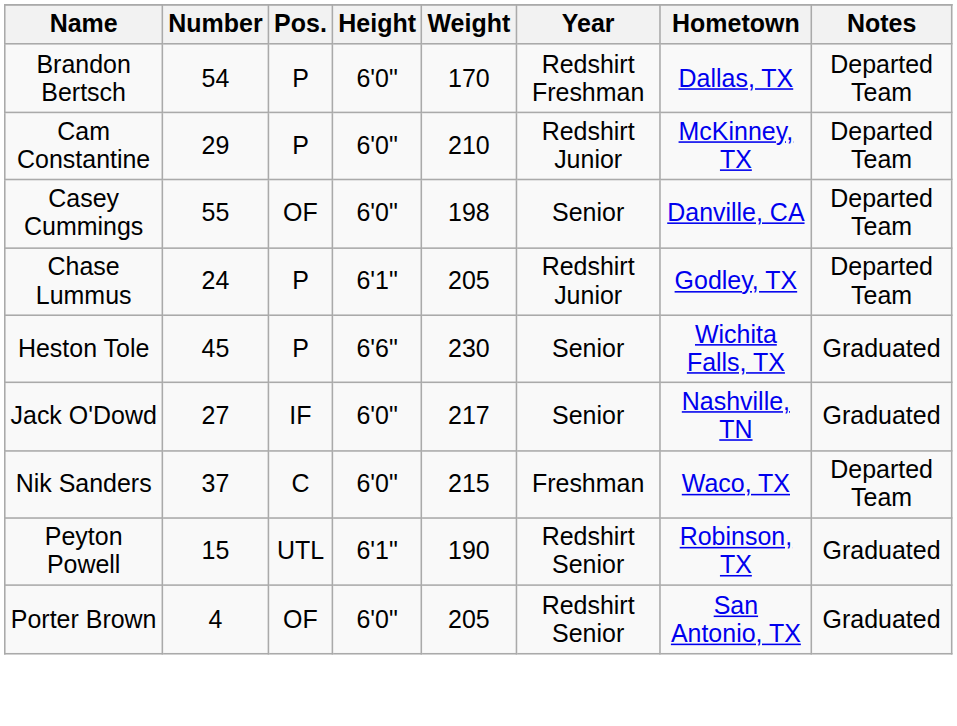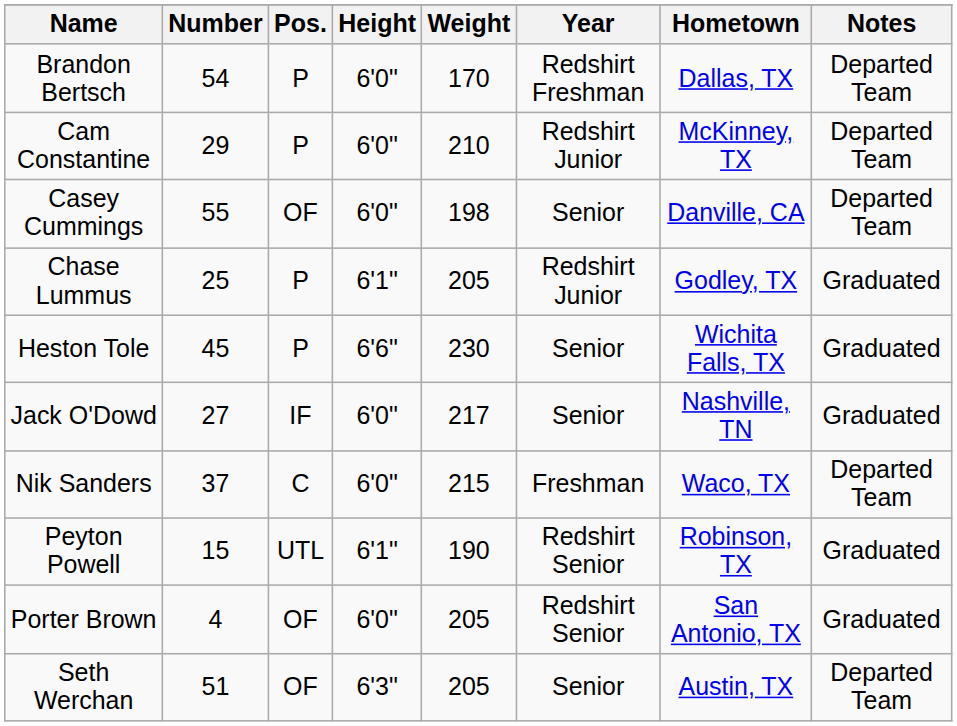 <table class="wikitable sortable">
 <tr>
 </tr>
 <tr>
 <th style="text-align:center; ">Name</th>
 <th style="text-align:center; ">Number</th>
 <th style="text-align:center; ">Pos.</th>
 <th style="text-align:center; ">Height</th>
 <th style="text-align:center; ">Weight</th>
 <th style="text-align:center; ">Year</th>
 <th style="text-align:center; ">Hometown</th>
 <th style="text-align:center; ">Notes</th>
 </tr>
 <tr align="center">
 <td>Brandon Bertsch</td>
 <td>54</td>
 <td>P</td>
 <td>6'0"</td>
 <td>170</td>
 <td>Redshirt Freshman</td>
 <td><a href='#'>Dallas, TX</a></td>
 <td>Departed Team</td>
 </tr>
 <tr align="center">
 <td>Cam Constantine</td>
 <td>29</td>
 <td>P</td>
 <td>6'0"</td>
 <td>210</td>
 <td>Redshirt Junior</td>
 <td><a href='#'>McKinney, TX</a></td>
 <td>Departed Team</td>
 </tr>
 <tr align="center">
 <td>Casey Cummings</td>
 <td>55</td>
 <td>OF</td>
 <td>6'0"</td>
 <td>198</td>
 <td>Senior</td>
 <td><a href='#'>Danville, CA</a></td>
 <td>Departed Team</td>
 </tr>
 <tr align="center">
 <td>Chase Lummus</td>
-<td>24</td>
+<td>25</td>
 <td>P</td>
 <td>6'1"</td>
 <td>205</td>
 <td>Redshirt Junior</td>
 <td><a href='#'>Godley, TX</a></td>
-<td>Departed Team</td>
+<td>Graduated</td>
 </tr>
 <tr align="center">
 <td>Heston Tole</td>
 <td>45</td>
 <td>P</td>
 <td>6'6"</td>
 <td>230</td>
 <td>Senior</td>
 <td><a href='#'>Wichita Falls, TX</a></td>
 <td>Graduated</td>
 </tr>
 <tr align="center">
 <td>Jack O'Dowd</td>
 <td>27</td>
 <td>IF</td>
 <td>6'0"</td>
 <td>217</td>
 <td>Senior</td>
 <td><a href='#'>Nashville, TN</a></td>
 <td>Graduated</td>
 </tr>
 <tr align="center">
 <td>Nik Sanders</td>
 <td>37</td>
 <td>C</td>
 <td>6'0"</td>
 <td>215</td>
 <td>Freshman</td>
 <td><a href='#'>Waco, TX</a></td>
 <td>Departed Team</td>
 </tr>
 <tr align="center">
 <td>Peyton Powell</td>
 <td>15</td>
 <td>UTL</td>
 <td>6'1"</td>
 <td>190</td>
 <td>Redshirt Senior</td>
 <td><a href='#'>Robinson, TX</a></td>
 <td>Graduated</td>
 </tr>
 <tr align="center">
 <td>Porter Brown</td>
 <td>4</td>
 <td>OF</td>
 <td>6'0"</td>
 <td>205</td>
 <td>Redshirt Senior</td>
 <td><a href='#'>San Antonio, TX</a></td>
 <td>Graduated</td>
 </tr>
+<tr align="center">
+<td>Seth Werchan</td>
+<td>51</td>
+<td>OF</td>
+<td>6'3"</td>
+<td>205</td>
+<td>Senior</td>
+<td><a href='#'>Austin, TX</a></td>
+<td>Departed Team</td>
+</tr>
 </table>
